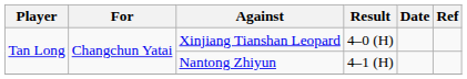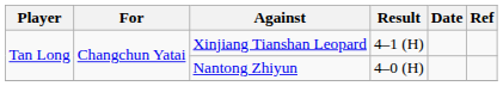 <table class="wikitable">
 <tr>
 <th>Player</th>
 <th>For</th>
 <th>Against</th>
 <th style="text-align:center">Result</th>
 <th>Date</th>
 <th>Ref</th>
 </tr>
 <tr>
 <td rowspan=2> <a href='#'>Tan Long</a></td>
 <td rowspan=2><a href='#'>Changchun Yatai</a></td>
 <td><a href='#'>Xinjiang Tianshan Leopard</a></td>
-<td align="center">4–0 (H)</td>
+<td align="center">4–1 (H)</td>
 <td></td>
 <td></td>
 </tr>
 <tr>
 <td><a href='#'>Nantong Zhiyun</a></td>
-<td align="center">4–1 (H)</td>
+<td align="center">4–0 (H)</td>
 <td></td>
 <td></td>
 </tr>
 <tr>
 </tr>
 </table>
